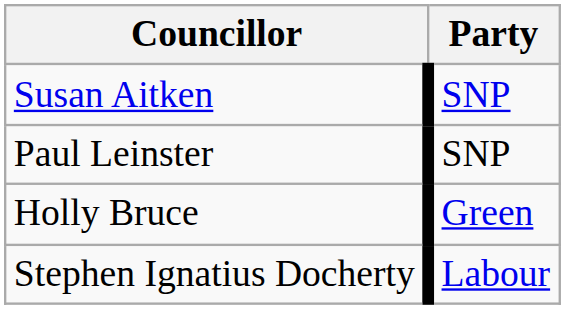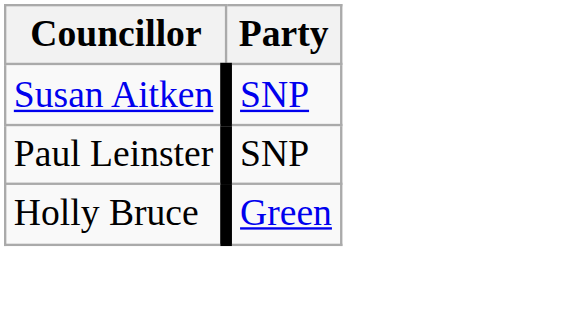 <table class="wikitable" border="1">
 <tr>
 <th>Councillor</th>
 <th>Party</th>
 </tr>
 <tr>
 <td><a href='#'>Susan Aitken</a></td>
 <td style="border-left: 5px solid "><a href='#'>SNP</a></td>
 </tr>
 <tr>
 <td>Paul Leinster</td>
 <td style="border-left: 5px solid ">SNP</td>
 </tr>
 <tr>
 <td>Holly Bruce</td>
 <td style="border-left: 5px solid "><a href='#'>Green</a></td>
 </tr>
-<tr>
-<td>Stephen Ignatius Docherty</td>
-<td style="border-left: 5px solid "><a href='#'>Labour</a></td>
-</tr>
 </table>
